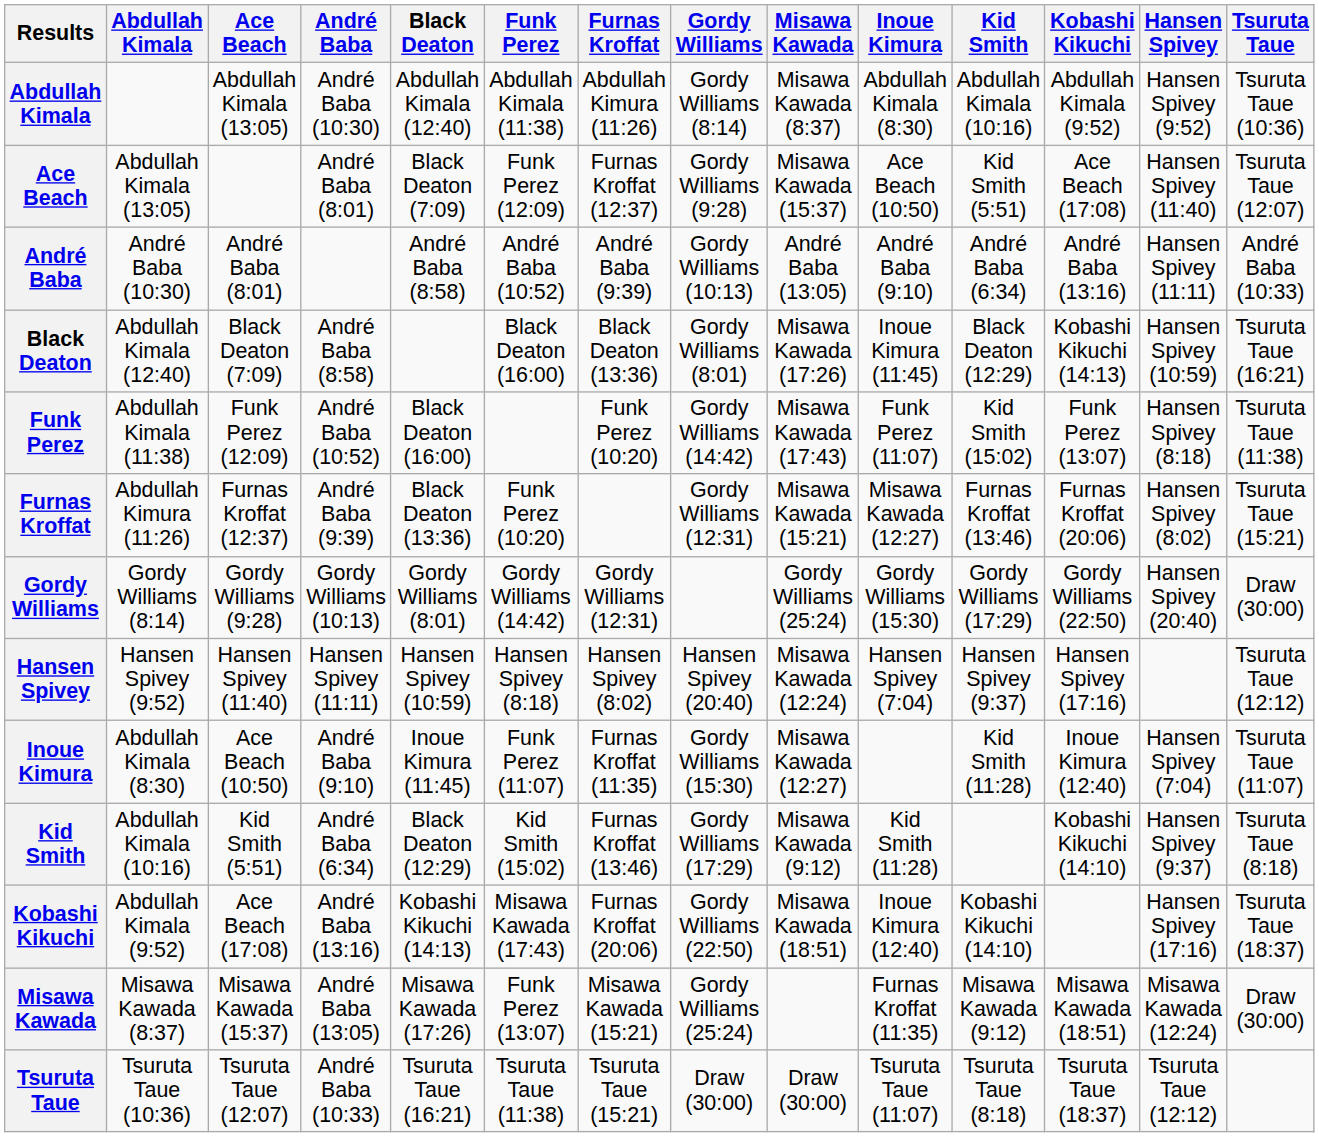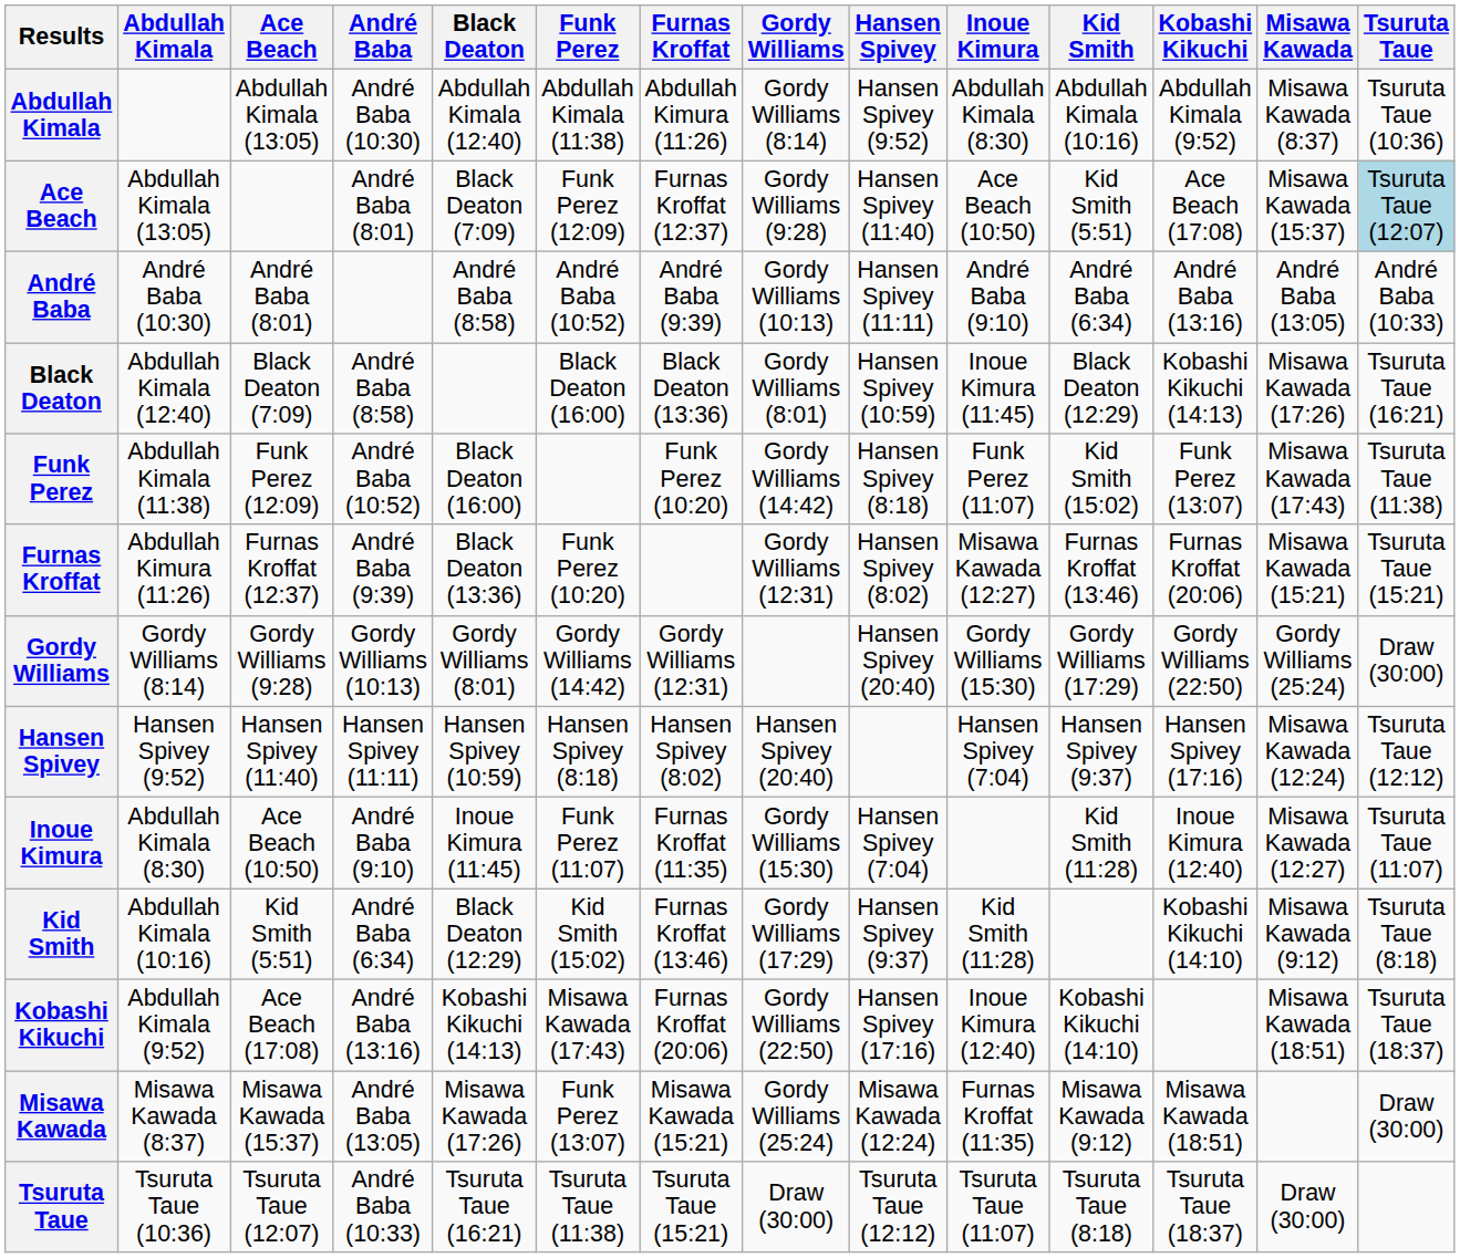 <table class="wikitable" style="text-align:center; margin: 1em auto 1em auto">
 <tr>
 <th>Results</th>
 <th><a href='#'>Abdullah</a><br><a href='#'>Kimala</a></th>
 <th><a href='#'>Ace</a><br><a href='#'>Beach</a></th>
 <th><a href='#'>André</a><br><a href='#'>Baba</a></th>
 <th>Black<br><a href='#'>Deaton</a></th>
 <th><a href='#'>Funk</a><br><a href='#'>Perez</a></th>
 <th><a href='#'>Furnas</a><br><a href='#'>Kroffat</a></th>
 <th><a href='#'>Gordy</a><br><a href='#'>Williams</a></th>
-<th><a href='#'>Misawa</a><br><a href='#'>Kawada</a></th>
+<th><a href='#'>Hansen</a><br><a href='#'>Spivey</a></th>
 <th><a href='#'>Inoue</a><br><a href='#'>Kimura</a></th>
 <th><a href='#'>Kid</a><br><a href='#'>Smith</a></th>
 <th><a href='#'>Kobashi</a><br><a href='#'>Kikuchi</a></th>
-<th><a href='#'>Hansen</a><br><a href='#'>Spivey</a></th>
+<th><a href='#'>Misawa</a><br><a href='#'>Kawada</a></th>
 <th><a href='#'>Tsuruta</a><br><a href='#'>Taue</a></th>
 </tr>
 <tr>
 <th><a href='#'>Abdullah</a><br><a href='#'>Kimala</a></th>
 <td></td>
 <td>Abdullah<br>Kimala<br>(13:05)</td>
 <td>André<br>Baba<br>(10:30)</td>
 <td>Abdullah<br>Kimala<br>(12:40)</td>
 <td>Abdullah<br>Kimala<br>(11:38)</td>
 <td>Abdullah<br>Kimura<br>(11:26)</td>
 <td>Gordy<br>Williams<br>(8:14)</td>
-<td>Misawa<br>Kawada<br>(8:37)</td>
+<td>Hansen<br>Spivey<br>(9:52)</td>
 <td>Abdullah<br>Kimala<br>(8:30)</td>
 <td>Abdullah<br>Kimala<br>(10:16)</td>
 <td>Abdullah<br>Kimala<br>(9:52)</td>
-<td>Hansen<br>Spivey<br>(9:52)</td>
+<td>Misawa<br>Kawada<br>(8:37)</td>
 <td>Tsuruta<br>Taue<br>(10:36)</td>
 </tr>
 <tr>
 <th><a href='#'>Ace</a><br><a href='#'>Beach</a></th>
 <td>Abdullah<br>Kimala<br>(13:05)</td>
 <td></td>
 <td>André<br>Baba<br>(8:01)</td>
 <td>Black<br>Deaton<br>(7:09)</td>
 <td>Funk<br>Perez<br>(12:09)</td>
 <td>Furnas<br>Kroffat<br>(12:37)</td>
 <td>Gordy<br>Williams<br>(9:28)</td>
-<td>Misawa<br>Kawada<br>(15:37)</td>
+<td>Hansen<br>Spivey<br>(11:40)</td>
 <td>Ace<br>Beach<br>(10:50)</td>
 <td>Kid<br>Smith<br>(5:51)</td>
 <td>Ace<br>Beach<br>(17:08)</td>
-<td>Hansen<br>Spivey<br>(11:40)</td>
-<td>Tsuruta<br>Taue<br>(12:07)</td>
+<td>Misawa<br>Kawada<br>(15:37)</td>
+<td style="background: lightblue;">Tsuruta<br>Taue<br>(12:07)</td>
 </tr>
 <tr>
 <th><a href='#'>André</a><br><a href='#'>Baba</a></th>
 <td>André<br>Baba<br>(10:30)</td>
 <td>André<br>Baba<br>(8:01)</td>
 <td></td>
 <td>André<br>Baba<br>(8:58)</td>
 <td>André<br>Baba<br>(10:52)</td>
 <td>André<br>Baba<br>(9:39)</td>
 <td>Gordy<br>Williams<br>(10:13)</td>
-<td>André<br>Baba<br>(13:05)</td>
+<td>Hansen<br>Spivey<br>(11:11)</td>
 <td>André<br>Baba<br>(9:10)</td>
 <td>André<br>Baba<br>(6:34)</td>
 <td>André<br>Baba<br>(13:16)</td>
-<td>Hansen<br>Spivey<br>(11:11)</td>
+<td>André<br>Baba<br>(13:05)</td>
 <td>André<br>Baba<br>(10:33)</td>
 </tr>
 <tr>
 <th>Black<br><a href='#'>Deaton</a></th>
 <td>Abdullah<br>Kimala<br>(12:40)</td>
 <td>Black<br>Deaton<br>(7:09)</td>
 <td>André<br>Baba<br>(8:58)</td>
 <td></td>
 <td>Black<br>Deaton<br>(16:00)</td>
 <td>Black<br>Deaton<br>(13:36)</td>
 <td>Gordy<br>Williams<br>(8:01)</td>
-<td>Misawa<br>Kawada<br>(17:26)</td>
+<td>Hansen<br>Spivey<br>(10:59)</td>
 <td>Inoue<br>Kimura<br>(11:45)</td>
 <td>Black<br>Deaton<br>(12:29)</td>
 <td>Kobashi<br>Kikuchi<br>(14:13)</td>
-<td>Hansen<br>Spivey<br>(10:59)</td>
+<td>Misawa<br>Kawada<br>(17:26)</td>
 <td>Tsuruta<br>Taue<br>(16:21)</td>
 </tr>
 <tr>
 <th><a href='#'>Funk</a><br><a href='#'>Perez</a></th>
 <td>Abdullah<br>Kimala<br>(11:38)</td>
 <td>Funk<br>Perez<br>(12:09)</td>
 <td>André<br>Baba<br>(10:52)</td>
 <td>Black<br>Deaton<br>(16:00)</td>
 <td></td>
 <td>Funk<br>Perez<br>(10:20)</td>
 <td>Gordy<br>Williams<br>(14:42)</td>
-<td>Misawa<br>Kawada<br>(17:43)</td>
+<td>Hansen<br>Spivey<br>(8:18)</td>
 <td>Funk<br>Perez<br>(11:07)</td>
 <td>Kid<br>Smith<br>(15:02)</td>
 <td>Funk<br>Perez<br>(13:07)</td>
-<td>Hansen<br>Spivey<br>(8:18)</td>
+<td>Misawa<br>Kawada<br>(17:43)</td>
 <td>Tsuruta<br>Taue<br>(11:38)</td>
 </tr>
 <tr>
 <th><a href='#'>Furnas</a><br><a href='#'>Kroffat</a></th>
 <td>Abdullah<br>Kimura<br>(11:26)</td>
 <td>Furnas<br>Kroffat<br>(12:37)</td>
 <td>André<br>Baba<br>(9:39)</td>
 <td>Black<br>Deaton<br>(13:36)</td>
 <td>Funk<br>Perez<br>(10:20)</td>
 <td></td>
 <td>Gordy<br>Williams<br>(12:31)</td>
-<td>Misawa<br>Kawada<br>(15:21)</td>
+<td>Hansen<br>Spivey<br>(8:02)</td>
 <td>Misawa<br>Kawada<br>(12:27)</td>
 <td>Furnas<br>Kroffat<br>(13:46)</td>
 <td>Furnas<br>Kroffat<br>(20:06)</td>
-<td>Hansen<br>Spivey<br>(8:02)</td>
+<td>Misawa<br>Kawada<br>(15:21)</td>
 <td>Tsuruta<br>Taue<br>(15:21)</td>
 </tr>
 <tr>
 <th><a href='#'>Gordy</a><br><a href='#'>Williams</a></th>
 <td>Gordy<br>Williams<br>(8:14)</td>
 <td>Gordy<br>Williams<br>(9:28)</td>
 <td>Gordy<br>Williams<br>(10:13)</td>
 <td>Gordy<br>Williams<br>(8:01)</td>
 <td>Gordy<br>Williams<br>(14:42)</td>
 <td>Gordy<br>Williams<br>(12:31)</td>
 <td></td>
-<td>Gordy<br>Williams<br>(25:24)</td>
+<td>Hansen<br>Spivey<br>(20:40)</td>
 <td>Gordy<br>Williams<br>(15:30)</td>
 <td>Gordy<br>Williams<br>(17:29)</td>
 <td>Gordy<br>Williams<br>(22:50)</td>
-<td>Hansen<br>Spivey<br>(20:40)</td>
+<td>Gordy<br>Williams<br>(25:24)</td>
 <td>Draw<br>(30:00)</td>
 </tr>
 <tr>
 <th><a href='#'>Hansen</a><br><a href='#'>Spivey</a></th>
 <td>Hansen<br>Spivey<br>(9:52)</td>
 <td>Hansen<br>Spivey<br>(11:40)</td>
 <td>Hansen<br>Spivey<br>(11:11)</td>
 <td>Hansen<br>Spivey<br>(10:59)</td>
 <td>Hansen<br>Spivey<br>(8:18)</td>
 <td>Hansen<br>Spivey<br>(8:02)</td>
 <td>Hansen<br>Spivey<br>(20:40)</td>
-<td>Misawa<br>Kawada<br>(12:24)</td>
+<td></td>
 <td>Hansen<br>Spivey<br>(7:04)</td>
 <td>Hansen<br>Spivey<br>(9:37)</td>
 <td>Hansen<br>Spivey<br>(17:16)</td>
-<td></td>
+<td>Misawa<br>Kawada<br>(12:24)</td>
 <td>Tsuruta<br>Taue<br>(12:12)</td>
 </tr>
 <tr>
 <th><a href='#'>Inoue</a><br><a href='#'>Kimura</a></th>
 <td>Abdullah<br>Kimala<br>(8:30)</td>
 <td>Ace<br>Beach<br>(10:50)</td>
 <td>André<br>Baba<br>(9:10)</td>
 <td>Inoue<br>Kimura<br>(11:45)</td>
 <td>Funk<br>Perez<br>(11:07)</td>
 <td>Furnas<br>Kroffat<br>(11:35)</td>
 <td>Gordy<br>Williams<br>(15:30)</td>
-<td>Misawa<br>Kawada<br>(12:27)</td>
+<td>Hansen<br>Spivey<br>(7:04)</td>
 <td></td>
 <td>Kid<br>Smith<br>(11:28)</td>
 <td>Inoue<br>Kimura<br>(12:40)</td>
-<td>Hansen<br>Spivey<br>(7:04)</td>
+<td>Misawa<br>Kawada<br>(12:27)</td>
 <td>Tsuruta<br>Taue<br>(11:07)</td>
 </tr>
 <tr>
 <th><a href='#'>Kid</a><br><a href='#'>Smith</a></th>
 <td>Abdullah<br>Kimala<br>(10:16)</td>
 <td>Kid<br>Smith<br>(5:51)</td>
 <td>André<br>Baba<br>(6:34)</td>
 <td>Black<br>Deaton<br>(12:29)</td>
 <td>Kid<br>Smith<br>(15:02)</td>
 <td>Furnas<br>Kroffat<br>(13:46)</td>
 <td>Gordy<br>Williams<br>(17:29)</td>
-<td>Misawa<br>Kawada<br>(9:12)</td>
+<td>Hansen<br>Spivey<br>(9:37)</td>
 <td>Kid<br>Smith<br>(11:28)</td>
 <td></td>
 <td>Kobashi<br>Kikuchi<br>(14:10)</td>
-<td>Hansen<br>Spivey<br>(9:37)</td>
+<td>Misawa<br>Kawada<br>(9:12)</td>
 <td>Tsuruta<br>Taue<br>(8:18)</td>
 </tr>
 <tr>
 <th><a href='#'>Kobashi</a><br><a href='#'>Kikuchi</a></th>
 <td>Abdullah<br>Kimala<br>(9:52)</td>
 <td>Ace<br>Beach<br>(17:08)</td>
 <td>André<br>Baba<br>(13:16)</td>
 <td>Kobashi<br>Kikuchi<br>(14:13)</td>
 <td>Misawa<br>Kawada<br>(17:43)</td>
 <td>Furnas<br>Kroffat<br>(20:06)</td>
 <td>Gordy<br>Williams<br>(22:50)</td>
-<td>Misawa<br>Kawada<br>(18:51)</td>
+<td>Hansen<br>Spivey<br>(17:16)</td>
 <td>Inoue<br>Kimura<br>(12:40)</td>
 <td>Kobashi<br>Kikuchi<br>(14:10)</td>
 <td></td>
-<td>Hansen<br>Spivey<br>(17:16)</td>
+<td>Misawa<br>Kawada<br>(18:51)</td>
 <td>Tsuruta<br>Taue<br>(18:37)</td>
 </tr>
 <tr>
 <th><a href='#'>Misawa</a><br><a href='#'>Kawada</a></th>
 <td>Misawa<br>Kawada<br>(8:37)</td>
 <td>Misawa<br>Kawada<br>(15:37)</td>
 <td>André<br>Baba<br>(13:05)</td>
 <td>Misawa<br>Kawada<br>(17:26)</td>
 <td>Funk<br>Perez<br>(13:07)</td>
 <td>Misawa<br>Kawada<br>(15:21)</td>
 <td>Gordy<br>Williams<br>(25:24)</td>
-<td></td>
+<td>Misawa<br>Kawada<br>(12:24)</td>
 <td>Furnas<br>Kroffat<br>(11:35)</td>
 <td>Misawa<br>Kawada<br>(9:12)</td>
 <td>Misawa<br>Kawada<br>(18:51)</td>
-<td>Misawa<br>Kawada<br>(12:24)</td>
+<td></td>
 <td>Draw<br>(30:00)</td>
 </tr>
 <tr>
 <th><a href='#'>Tsuruta</a><br><a href='#'>Taue</a></th>
 <td>Tsuruta<br>Taue<br>(10:36)</td>
 <td>Tsuruta<br>Taue<br>(12:07)</td>
 <td>André<br>Baba<br>(10:33)</td>
 <td>Tsuruta<br>Taue<br>(16:21)</td>
 <td>Tsuruta<br>Taue<br>(11:38)</td>
 <td>Tsuruta<br>Taue<br>(15:21)</td>
 <td>Draw<br>(30:00)</td>
-<td>Draw<br>(30:00)</td>
+<td>Tsuruta<br>Taue<br>(12:12)</td>
 <td>Tsuruta<br>Taue<br>(11:07)</td>
 <td>Tsuruta<br>Taue<br>(8:18)</td>
 <td>Tsuruta<br>Taue<br>(18:37)</td>
-<td>Tsuruta<br>Taue<br>(12:12)</td>
+<td>Draw<br>(30:00)</td>
 <td></td>
 </tr>
 </table>
